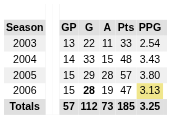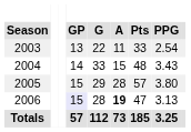 <table BORDER="0" CELLPADDING="3" CELLSPACING="0">
 <tr ALIGN="center" bgcolor="#e0e0e0">
 <th colspan="1" bgcolor="#ffffff"> </th>
 <th rowspan="99" bgcolor="#ffffff"> </th>
 <th rowspan="99" bgcolor="#ffffff"> </th>
 </tr>
 <tr ALIGN="center" bgcolor="#e0e0e0">
 <th>Season</th>
 <th>GP</th>
 <th>G</th>
 <th>A</th>
 <th>Pts</th>
 <th>PPG</th>
 <th></th>
 </tr>
 <tr ALIGN="center" bgcolor="#f0f0f0">
 <td>2003</td>
 <td>13</td>
 <td>22</td>
 <td>11</td>
 <td>33</td>
 <td>2.54</td>
 <td></td>
 </tr>
 <tr ALIGN="center">
 <td>2004</td>
 <td>14</td>
 <td>33</td>
 <td>15</td>
 <td>48</td>
 <td>3.43</td>
 <td></td>
 </tr>
 <tr ALIGN="center" bgcolor="#f0f0f0">
 <td>2005</td>
 <td>15</td>
 <td>29</td>
 <td>28</td>
 <td>57</td>
 <td>3.80</td>
 <td></td>
 </tr>
 <tr ALIGN="center">
 <td>2006</td>
-<td>15</td>
-<td><strong>28</strong></td>
-<td>19</td>
+<td style="background: lavender;">15</td>
+<td>28</td>
+<td><strong>19</strong></td>
 <td>47</td>
-<td style="background: khaki;">3.13</td>
+<td>3.13</td>
 <td></td>
 </tr>
 <tr ALIGN="center" bgcolor="#e0e0e0">
 <th colspan="1.5">Totals</th>
 <th>57</th>
 <th>112</th>
 <th>73</th>
 <th>185</th>
 <th>3.25</th>
 <th></th>
 </tr>
 </table>
